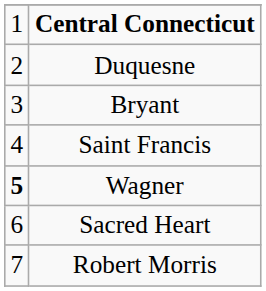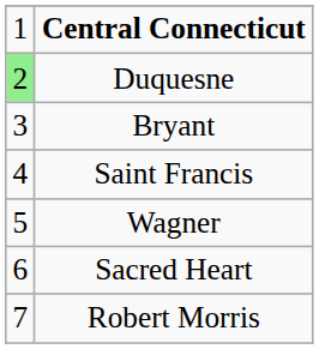 <table class="wikitable">
 <tr align="center">
 </tr>
 <tr align="center">
 <td>1</td>
 <td><strong>Central Connecticut</strong></td>
 </tr>
 <tr align="center">
-<td>2</td>
+<td style="background: lightgreen;">2</td>
 <td>Duquesne</td>
 </tr>
 <tr align="center">
 <td>3</td>
 <td>Bryant</td>
 </tr>
 <tr align="center">
 <td>4</td>
 <td>Saint Francis</td>
 </tr>
 <tr align="center">
-<td><strong>5</strong></td>
+<td>5</td>
 <td>Wagner</td>
 </tr>
 <tr align="center">
 <td>6</td>
 <td>Sacred Heart</td>
 </tr>
 <tr align="center">
 <td>7</td>
 <td>Robert Morris</td>
 </tr>
 </table>
